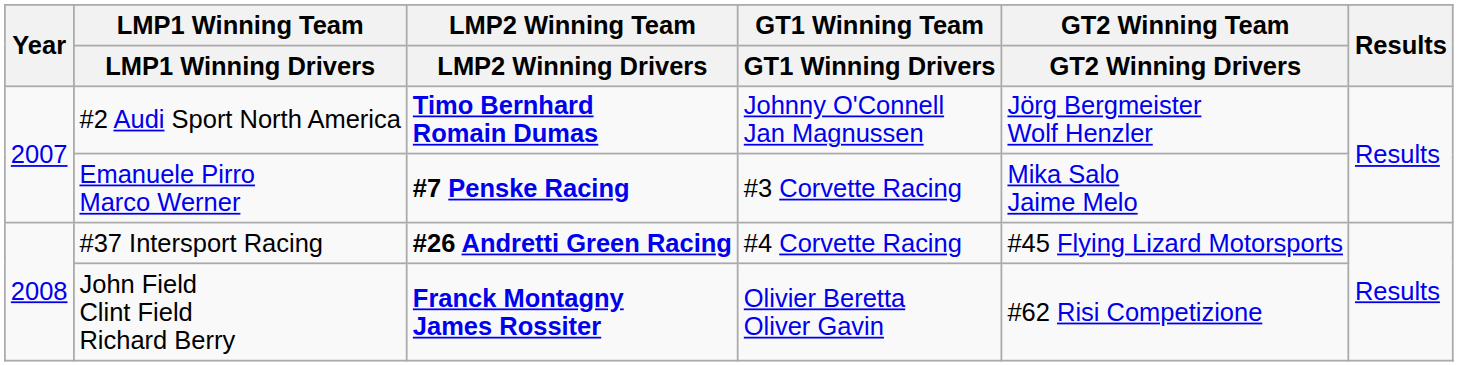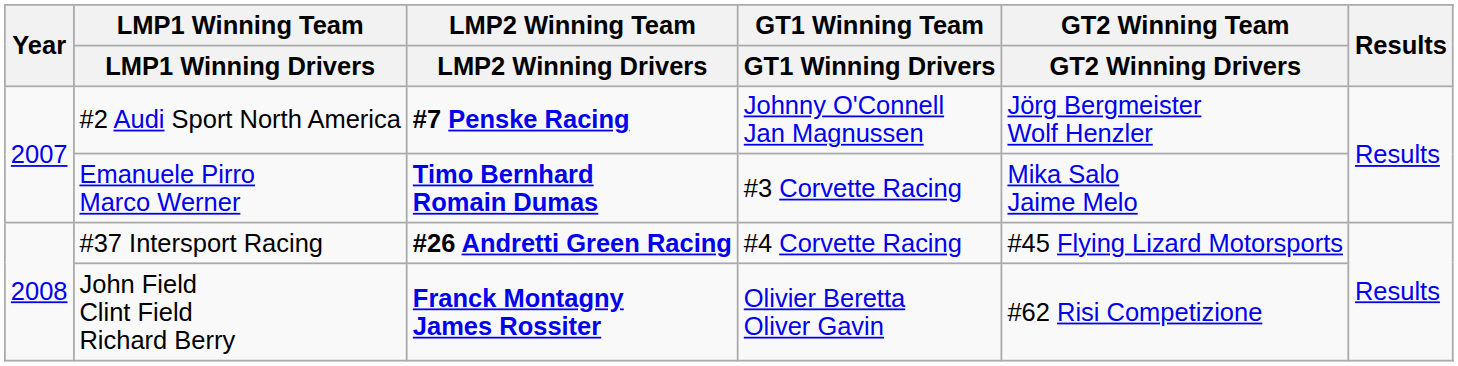 <table class="wikitable" style="font-size: 90%;">
 <tr>
 <th rowspan=2>Year</th>
 <th>LMP1 Winning Team</th>
 <th>LMP2 Winning Team</th>
 <th>GT1 Winning Team</th>
 <th>GT2 Winning Team</th>
 <th rowspan=2>Results</th>
 </tr>
 <tr>
 <th>LMP1 Winning Drivers</th>
 <th>LMP2 Winning Drivers</th>
 <th>GT1 Winning Drivers</th>
 <th>GT2 Winning Drivers</th>
 </tr>
 <tr>
 <td rowspan=2><a href='#'>2007</a></td>
 <td> #2 <a href='#'>Audi</a> Sport North America</td>
-<td><strong> <a href='#'>Timo Bernhard</a><br> <a href='#'>Romain Dumas</a></strong></td>
+<td><strong> #7 <a href='#'>Penske Racing</a></strong></td>
 <td> <a href='#'>Johnny O'Connell</a><br> <a href='#'>Jan Magnussen</a></td>
 <td> <a href='#'>Jörg Bergmeister</a><br> <a href='#'>Wolf Henzler</a></td>
 <td rowspan=2><a href='#'>Results</a></td>
 </tr>
 <tr>
 <td> <a href='#'>Emanuele Pirro</a><br> <a href='#'>Marco Werner</a></td>
-<td><strong> #7 <a href='#'>Penske Racing</a></strong></td>
+<td><strong> <a href='#'>Timo Bernhard</a><br> <a href='#'>Romain Dumas</a></strong></td>
 <td> #3 <a href='#'>Corvette Racing</a></td>
 <td> <a href='#'>Mika Salo</a><br> <a href='#'>Jaime Melo</a></td>
 </tr>
 <tr>
 <td rowspan=2><a href='#'>2008</a></td>
 <td> #37 Intersport Racing</td>
 <td><strong> #26 <a href='#'>Andretti Green Racing</a></strong></td>
 <td> #4 <a href='#'>Corvette Racing</a></td>
 <td> #45 <a href='#'>Flying Lizard Motorsports</a></td>
 <td rowspan=2><a href='#'>Results</a></td>
 </tr>
 <tr>
 <td> John Field<br> Clint Field<br> Richard Berry</td>
 <td><strong> <a href='#'>Franck Montagny</a><br> <a href='#'>James Rossiter</a></strong></td>
 <td> <a href='#'>Olivier Beretta</a><br> <a href='#'>Oliver Gavin</a></td>
 <td> #62 <a href='#'>Risi Competizione</a></td>
 </tr>
 </table>
